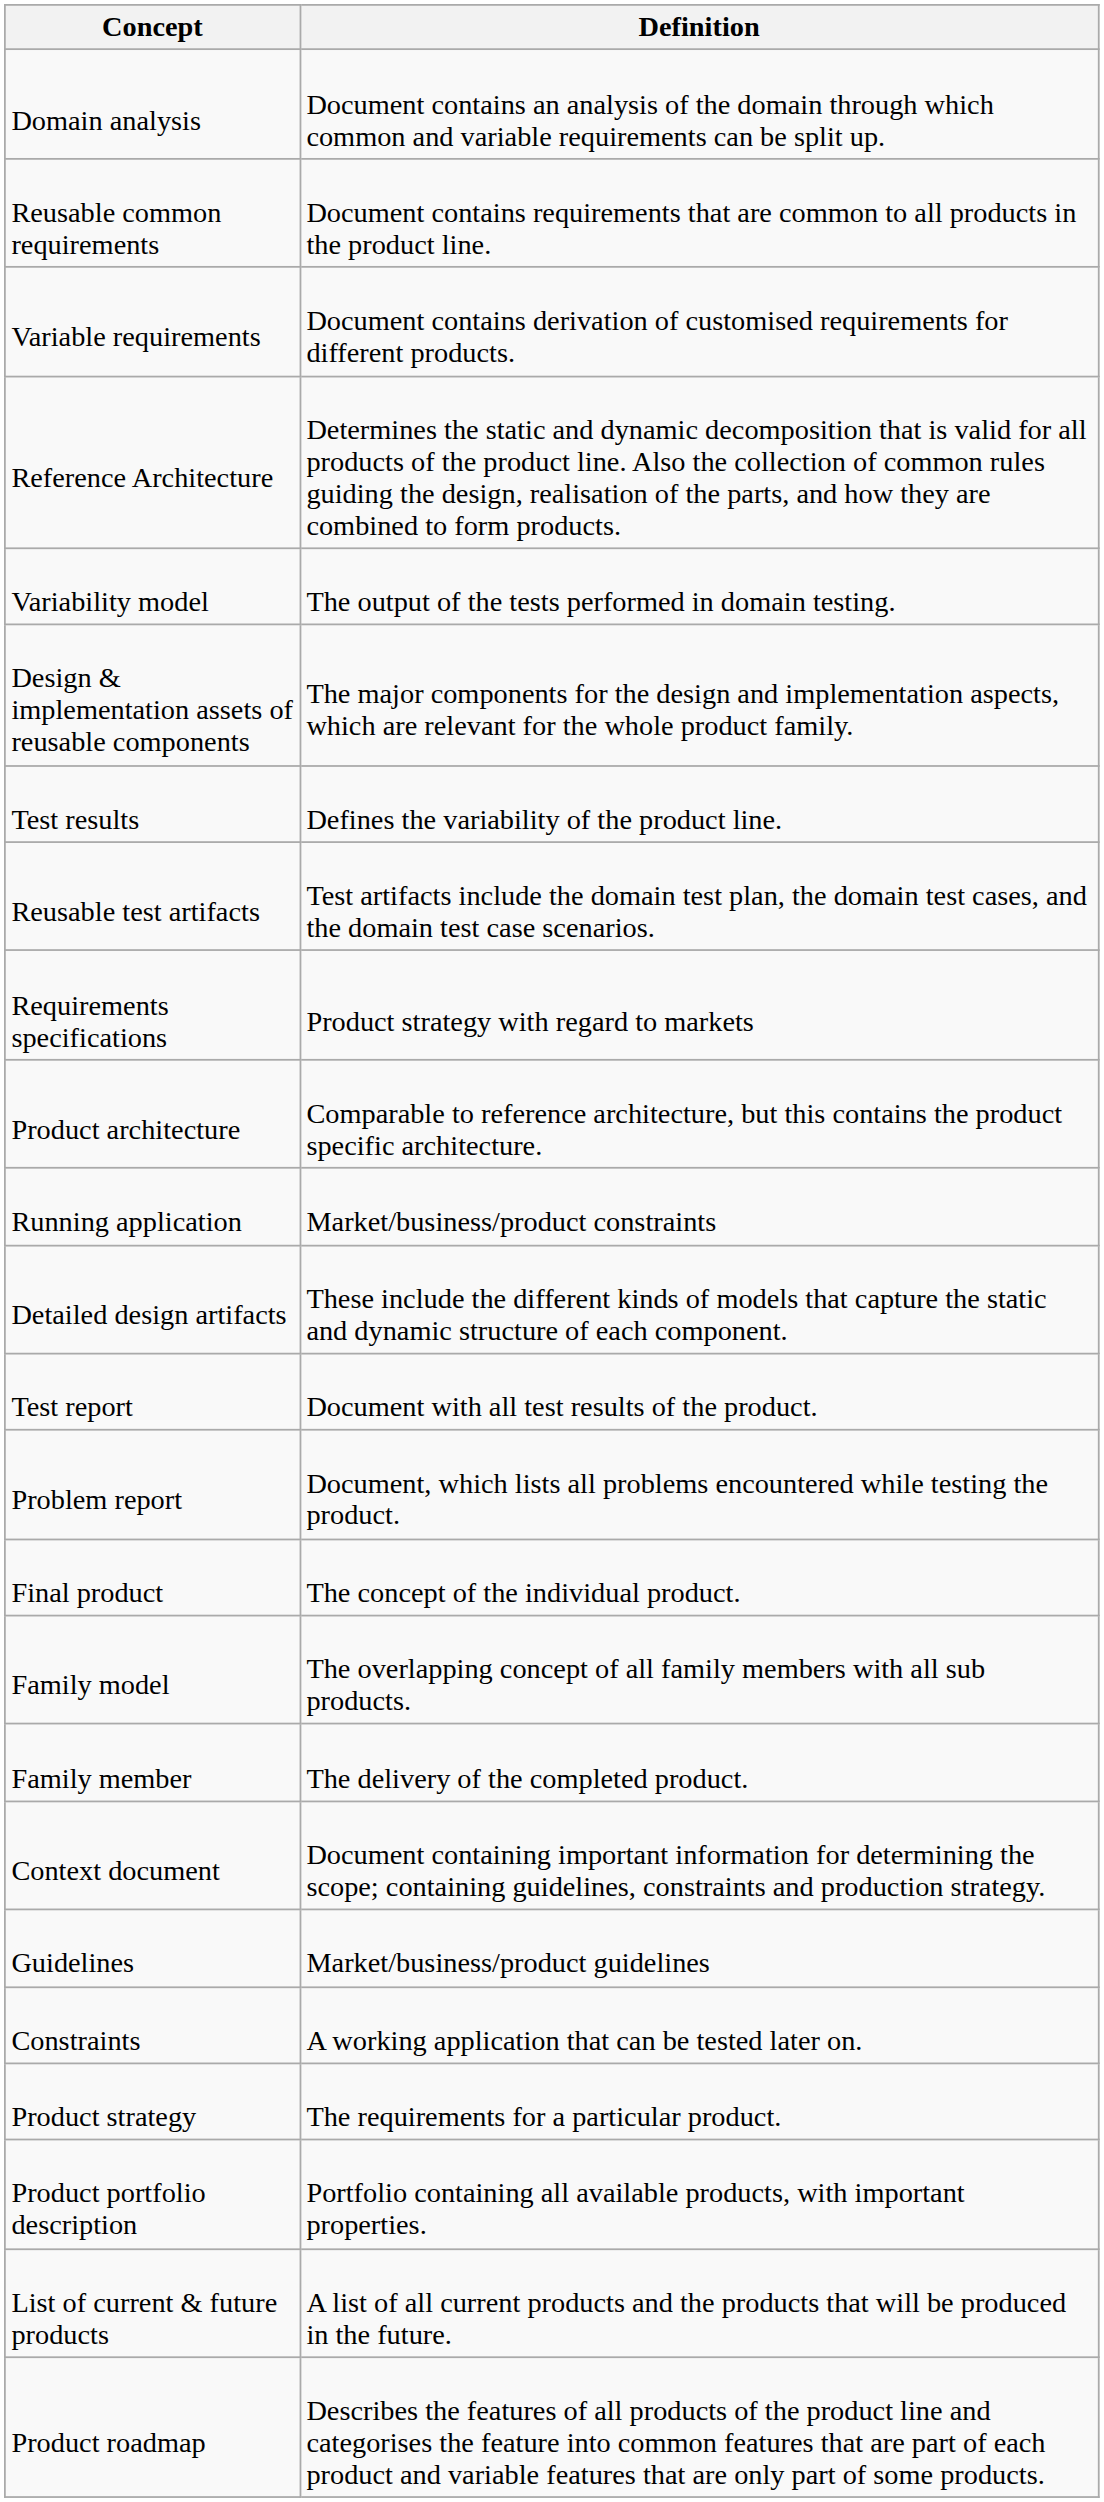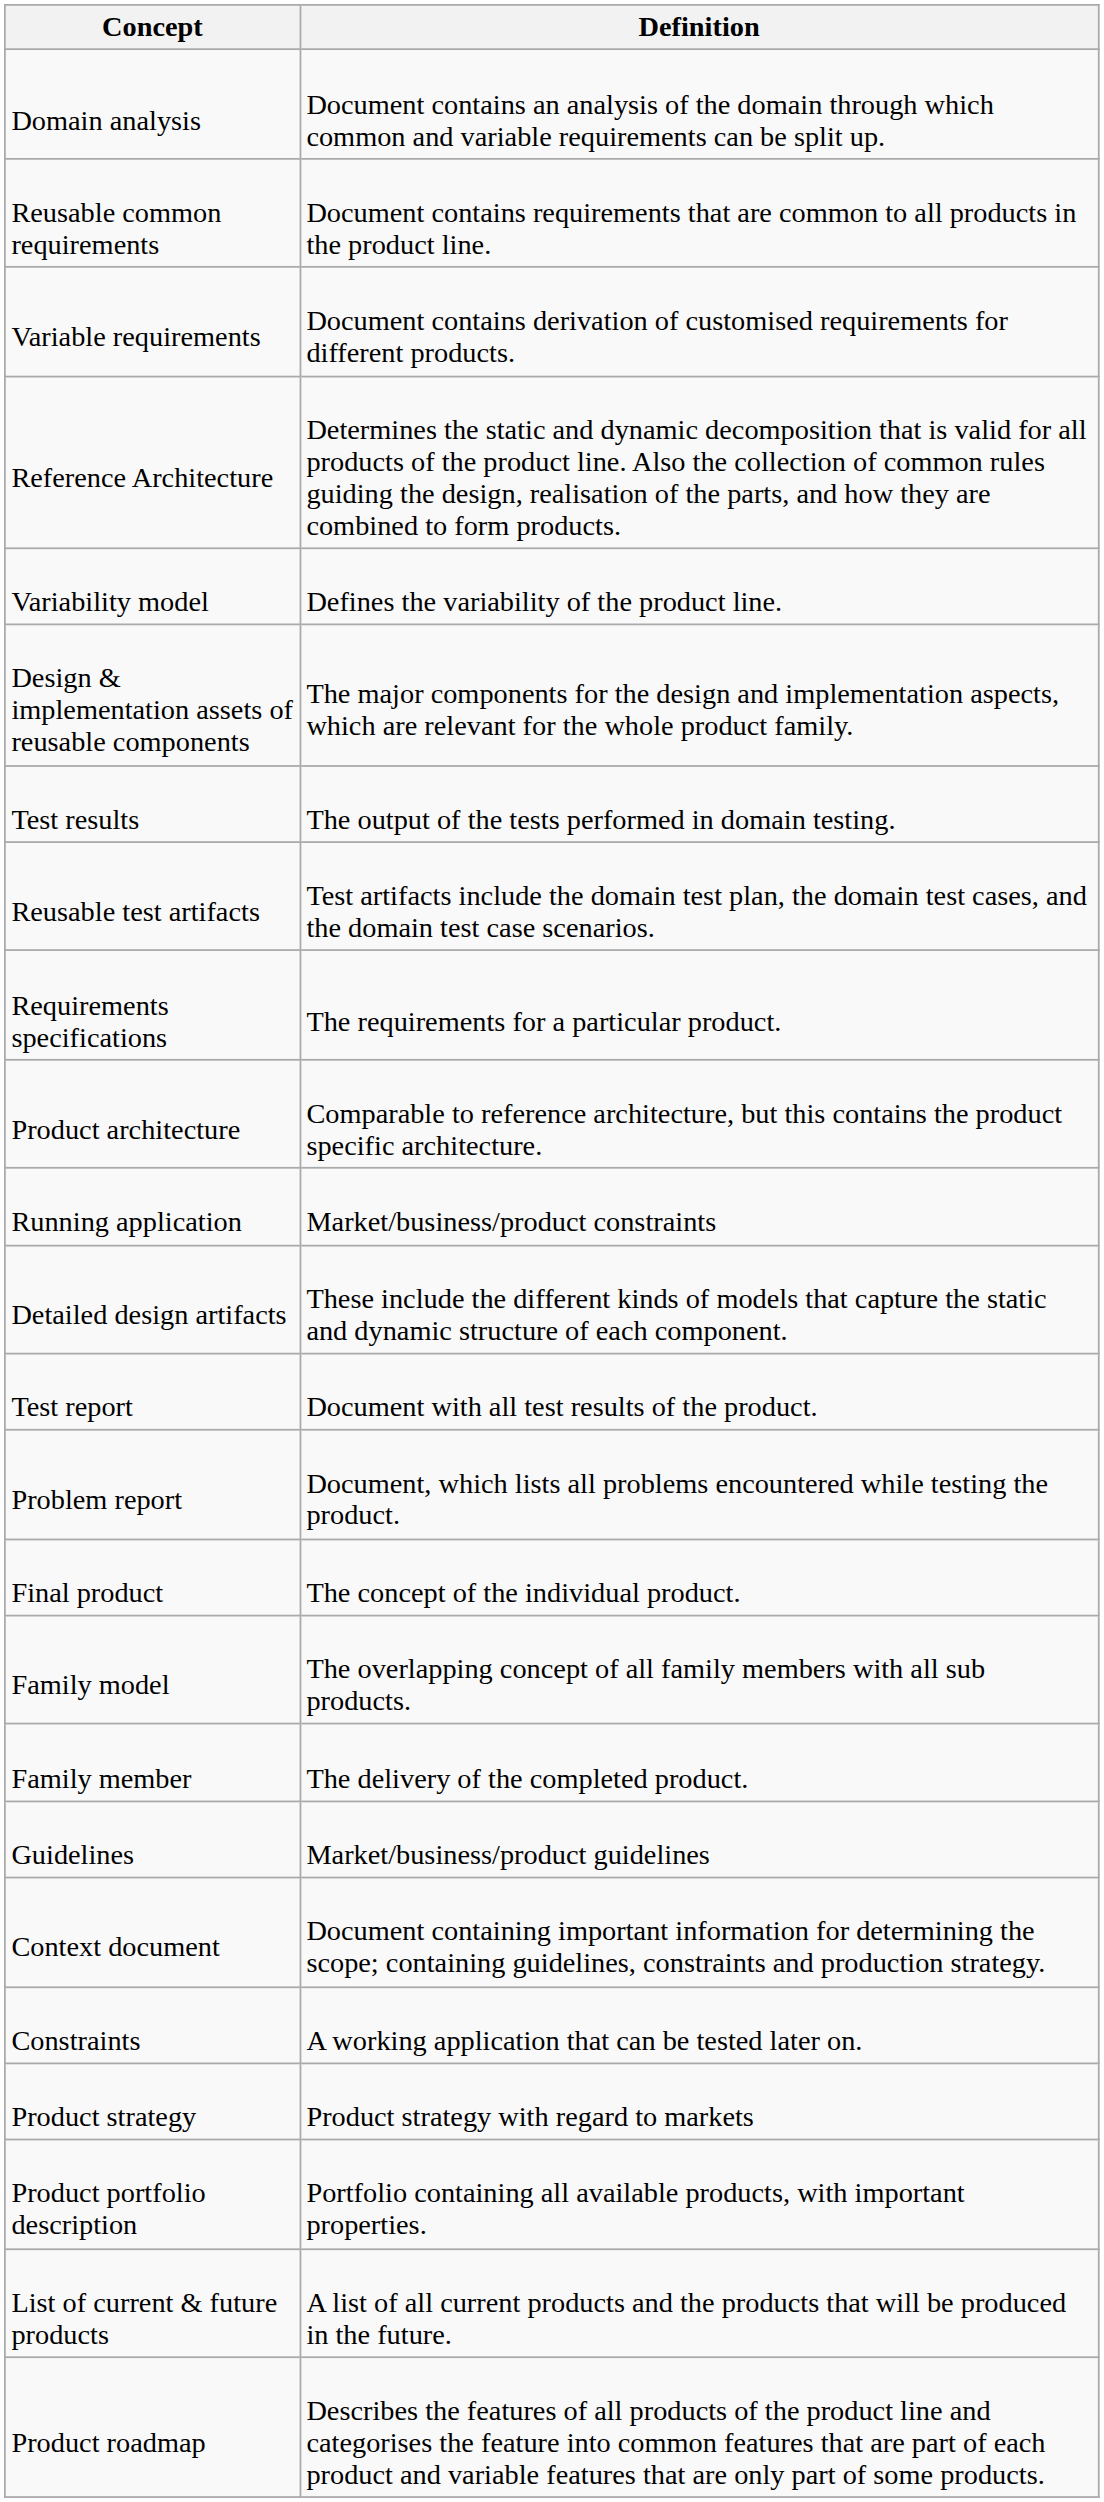 <table class="wikitable" width=70%>
 <tr>
 <th>Concept</th>
 <th>Definition</th>
 </tr>
 <tr>
 <td><br>Domain analysis</td>
 <td><br>Document contains an analysis of the domain through which common and variable requirements can be split up.</td>
 </tr>
 <tr>
 <td><br>Reusable common requirements</td>
 <td><br>Document contains requirements that are common to all products in the product line.</td>
 </tr>
 <tr>
 <td><br>Variable requirements</td>
 <td><br>Document contains derivation of customised requirements for different products.</td>
 </tr>
 <tr>
 <td><br>Reference Architecture</td>
 <td><br>Determines the static and dynamic decomposition that is valid for all products of the product line. Also the collection of common rules guiding the design, realisation of the parts, and how they are combined to form products.</td>
 </tr>
 <tr>
 <td><br>Variability model</td>
-<td><br>The output of the tests performed in domain testing.</td>
+<td><br>Defines the variability of the product line.</td>
 </tr>
 <tr>
 <td><br>Design & implementation assets of reusable components</td>
 <td><br>The major components for the design and implementation aspects, which are relevant for the whole product family.</td>
 </tr>
 <tr>
 <td><br>Test results</td>
-<td><br>Defines the variability of the product line.</td>
+<td><br>The output of the tests performed in domain testing.</td>
 </tr>
 <tr>
 <td><br>Reusable test artifacts</td>
 <td><br>Test artifacts include the domain test plan, the domain test cases, and the domain test case scenarios.</td>
 </tr>
 <tr>
 <td><br>Requirements specifications</td>
-<td><br>Product strategy with regard to markets</td>
+<td><br>The requirements for a particular product.</td>
 </tr>
 <tr>
 <td><br>Product architecture</td>
 <td><br>Comparable to reference architecture, but this contains the product specific architecture.</td>
 </tr>
 <tr>
 <td><br>Running application</td>
 <td><br>Market/business/product constraints</td>
 </tr>
 <tr>
 <td><br>Detailed design artifacts</td>
 <td><br>These include the different kinds of models that capture the static and dynamic structure of each component.</td>
 </tr>
 <tr>
 <td><br>Test report</td>
 <td><br>Document with all test results of the product.</td>
 </tr>
 <tr>
 <td><br>Problem report</td>
 <td><br>Document, which lists all problems encountered while testing the product.</td>
 </tr>
 <tr>
 <td><br>Final product</td>
 <td><br>The concept of the individual product.</td>
 </tr>
 <tr>
 <td><br>Family model</td>
 <td><br>The overlapping concept of all family members with all sub products.</td>
 </tr>
 <tr>
 <td><br>Family member</td>
 <td><br>The delivery of the completed product.</td>
 </tr>
 <tr>
+<td><br>Guidelines</td>
+<td><br>Market/business/product guidelines</td>
+</tr>
+<tr>
 <td><br>Context document</td>
 <td><br>Document containing important information for determining the scope; containing guidelines, constraints and production strategy.</td>
-</tr>
-<tr>
-<td><br>Guidelines</td>
-<td><br>Market/business/product guidelines</td>
 </tr>
 <tr>
 <td><br>Constraints</td>
 <td><br>A working application that can be tested later on.</td>
 </tr>
 <tr>
 <td><br>Product strategy</td>
-<td><br>The requirements for a particular product.</td>
+<td><br>Product strategy with regard to markets</td>
 </tr>
 <tr>
 <td><br>Product portfolio description</td>
 <td><br>Portfolio containing all available products, with important properties.</td>
 </tr>
 <tr>
 <td><br>List of current & future products</td>
 <td><br>A list of all current products and the products that will be produced in the future.</td>
 </tr>
 <tr>
 <td><br>Product roadmap</td>
 <td><br>Describes the features of all products of the product line and categorises the feature into common features that are part of each product and variable features that are only part of some products.</td>
 </tr>
 </table>
